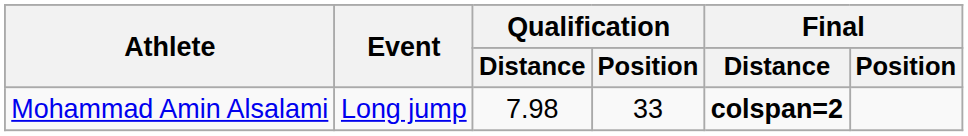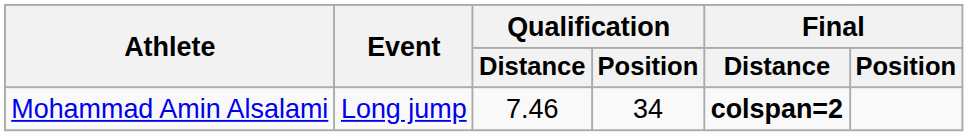 <table class=wikitable style=font-size:90%>
 <tr>
 <th rowspan=2>Athlete</th>
 <th rowspan=2>Event</th>
 <th colspan=2>Qualification</th>
 <th colspan=2>Final</th>
 </tr>
 <tr style=font-size:95%>
 <th>Distance</th>
 <th>Position</th>
 <th>Distance</th>
 <th>Position</th>
 </tr>
 <tr align=center>
 <td align=left><a href='#'>Mohammad Amin Alsalami</a></td>
 <td align=left><a href='#'>Long jump</a></td>
-<td>7.98</td>
-<td>33</td>
+<td>7.46</td>
+<td>34</td>
 <td><strong>colspan=2 </strong></td>
 </tr>
 </table>
